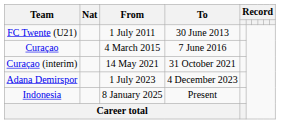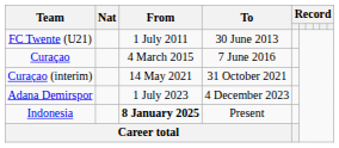 <table class="wikitable" style="text-align: center">
 <tr>
 <th rowspan=2>Team</th>
 <th rowspan=2>Nat</th>
 <th rowspan=2>From</th>
 <th rowspan=2>To</th>
 <th colspan=6>Record</th>
 </tr>
 <tr>
 <th></th>
 <th></th>
 <th></th>
 <th></th>
 <th></th>
 <th></th>
 </tr>
 <tr>
 <td><a href='#'>FC Twente</a> (U21)</td>
 <td></td>
 <td>1 July 2011</td>
 <td>30 June 2013<br></td>
 <td></td>
 </tr>
 <tr>
 <td><a href='#'>Curaçao</a></td>
 <td></td>
 <td>4 March 2015</td>
 <td>7 June 2016<br></td>
 <td></td>
 </tr>
 <tr>
 <td><a href='#'>Curaçao</a> (interim)</td>
 <td></td>
 <td>14 May 2021</td>
 <td>31 October 2021<br></td>
 <td></td>
 </tr>
 <tr>
 <td><a href='#'>Adana Demirspor</a></td>
 <td></td>
 <td>1 July 2023</td>
 <td>4 December 2023<br></td>
 <td></td>
 </tr>
 <tr>
 <td><a href='#'>Indonesia</a></td>
 <td></td>
-<td>8 January 2025</td>
+<td><strong>8 January 2025</strong></td>
 <td>Present<br></td>
 <td></td>
 </tr>
 <tr>
 <th colspan=4>Career total<br></th>
 <th></th>
 </tr>
 </table>
